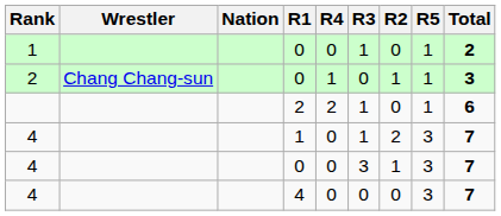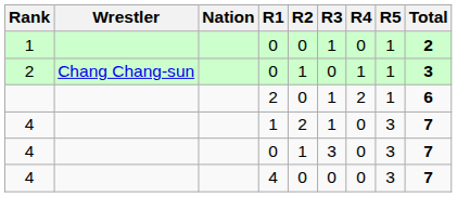 <table class="wikitable sortable" style="text-align:center;">
 <tr>
 <th>Rank</th>
 <th>Wrestler</th>
 <th>Nation</th>
 <th>R1</th>
+<th>R2</th>
+<th>R3</th>
 <th>R4</th>
-<th>R3</th>
-<th>R2</th>
 <th>R5</th>
 <th>Total</th>
 </tr>
 <tr style="background:#cfc;">
 <td>1</td>
 <td align=left></td>
 <td align=left></td>
 <td>0</td>
 <td>0</td>
 <td>1</td>
 <td>0</td>
 <td>1</td>
 <td><strong>2</strong></td>
 </tr>
 <tr style="background:#cfc;">
 <td>2</td>
 <td align=left><a href='#'>Chang Chang-sun</a></td>
 <td align=left></td>
 <td>0</td>
 <td>1</td>
 <td>0</td>
 <td>1</td>
 <td>1</td>
 <td><strong>3</strong></td>
 </tr>
 <tr>
 <td></td>
 <td align=left></td>
 <td align=left></td>
 <td>2</td>
+<td>0</td>
+<td>1</td>
 <td>2</td>
-<td>1</td>
-<td>0</td>
 <td>1</td>
 <td><strong>6</strong></td>
 </tr>
 <tr>
 <td>4</td>
 <td align=left></td>
 <td align=left></td>
 <td>1</td>
+<td>2</td>
+<td>1</td>
 <td>0</td>
-<td>1</td>
-<td>2</td>
 <td>3</td>
 <td><strong>7</strong></td>
 </tr>
 <tr>
 <td>4</td>
 <td align=left></td>
 <td align=left></td>
 <td>0</td>
+<td>1</td>
+<td>3</td>
 <td>0</td>
-<td>3</td>
-<td>1</td>
 <td>3</td>
 <td><strong>7</strong></td>
 </tr>
 <tr>
 <td>4</td>
 <td align=left></td>
 <td align=left></td>
 <td>4</td>
 <td>0</td>
 <td>0</td>
 <td>0</td>
 <td>3</td>
 <td><strong>7</strong></td>
 </tr>
 </table>
